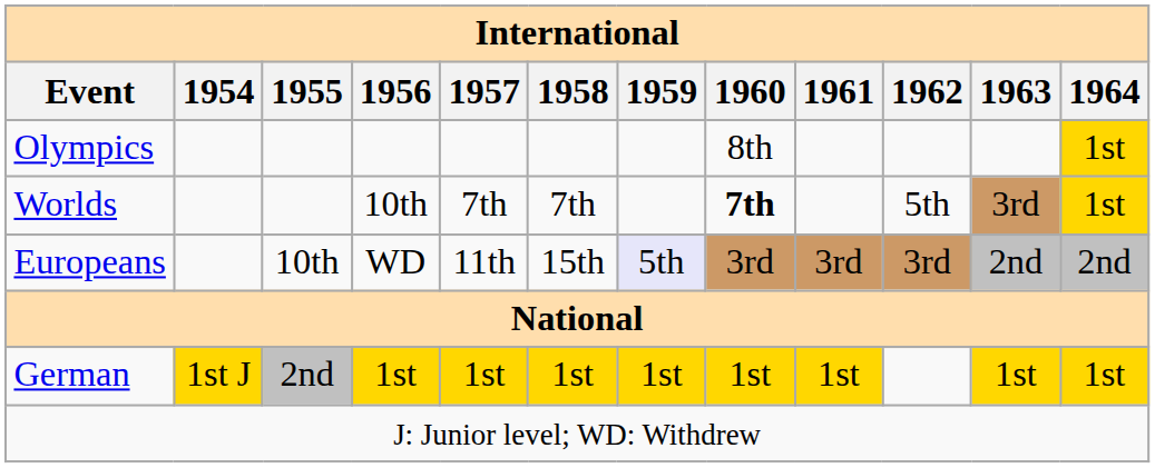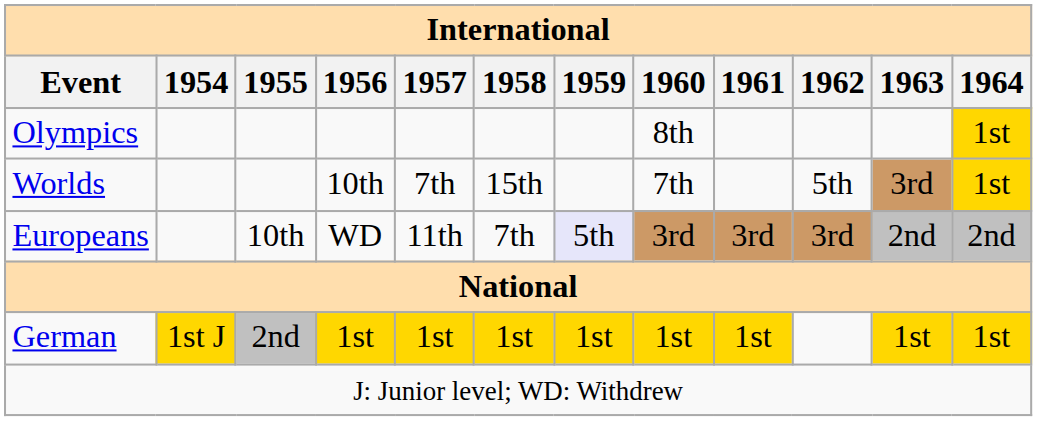 <table class="wikitable" style="text-align:center">
 <tr>
 <th style="background-color: #ffdead; " colspan=12 align=center>International</th>
 </tr>
 <tr>
 <th>Event</th>
 <th>1954</th>
 <th>1955</th>
 <th>1956</th>
 <th>1957</th>
 <th>1958</th>
 <th>1959</th>
 <th>1960</th>
 <th>1961</th>
 <th>1962</th>
 <th>1963</th>
 <th>1964</th>
 </tr>
 <tr>
 <td align=left><a href='#'>Olympics</a></td>
 <td></td>
 <td></td>
 <td></td>
 <td></td>
 <td></td>
 <td></td>
 <td>8th</td>
 <td></td>
 <td></td>
 <td></td>
 <td bgcolor=gold>1st</td>
 </tr>
 <tr>
 <td align=left><a href='#'>Worlds</a></td>
 <td></td>
 <td></td>
 <td>10th</td>
 <td>7th</td>
+<td>15th</td>
+<td></td>
 <td>7th</td>
-<td></td>
-<td><strong>7th</strong></td>
 <td></td>
 <td>5th</td>
 <td bgcolor=cc9966>3rd</td>
 <td bgcolor=gold>1st</td>
 </tr>
 <tr>
 <td align=left><a href='#'>Europeans</a></td>
 <td></td>
 <td>10th</td>
 <td>WD</td>
 <td>11th</td>
-<td>15th</td>
+<td>7th</td>
 <td style="background: lavender;">5th</td>
 <td bgcolor=cc9966>3rd</td>
 <td bgcolor=cc9966>3rd</td>
 <td bgcolor=cc9966>3rd</td>
 <td bgcolor=silver>2nd</td>
 <td bgcolor=silver>2nd</td>
 </tr>
 <tr>
 <th style="background-color: #ffdead; " colspan=12 align=center>National</th>
 </tr>
 <tr>
 <td align=left><a href='#'>German</a></td>
 <td bgcolor=gold>1st J</td>
 <td bgcolor=silver>2nd</td>
 <td bgcolor=gold>1st</td>
 <td bgcolor=gold>1st</td>
 <td bgcolor=gold>1st</td>
 <td bgcolor=gold>1st</td>
 <td bgcolor=gold>1st</td>
 <td bgcolor=gold>1st</td>
 <td></td>
 <td bgcolor=gold>1st</td>
 <td bgcolor=gold>1st</td>
 </tr>
 <tr>
 <td colspan=12 align=center><small> J: Junior level; WD: Withdrew </small></td>
 </tr>
 </table>
